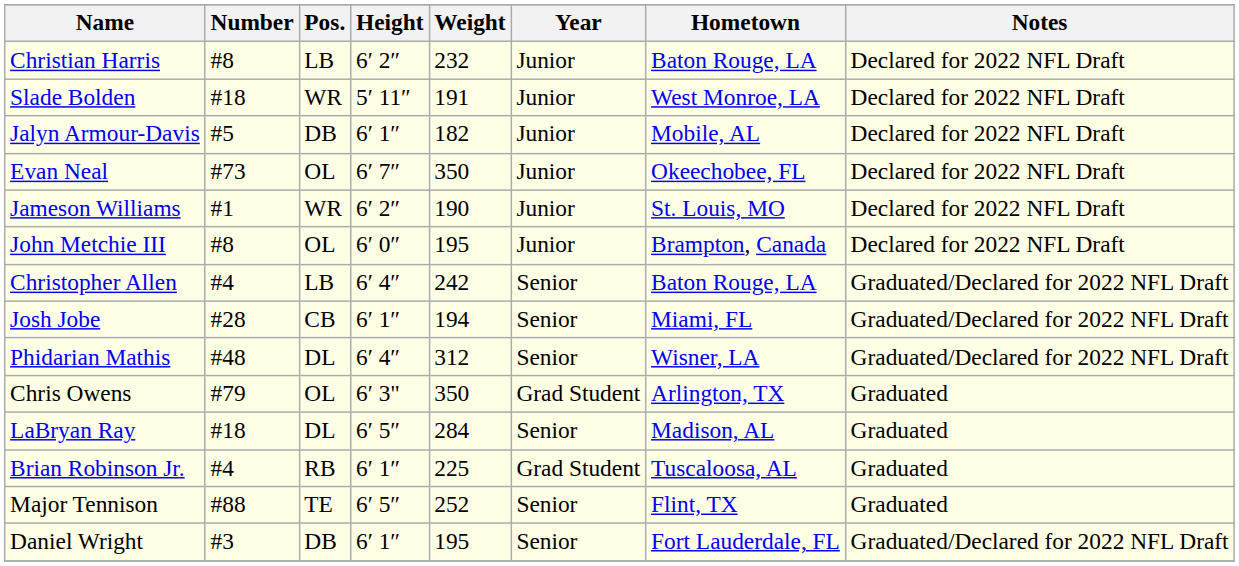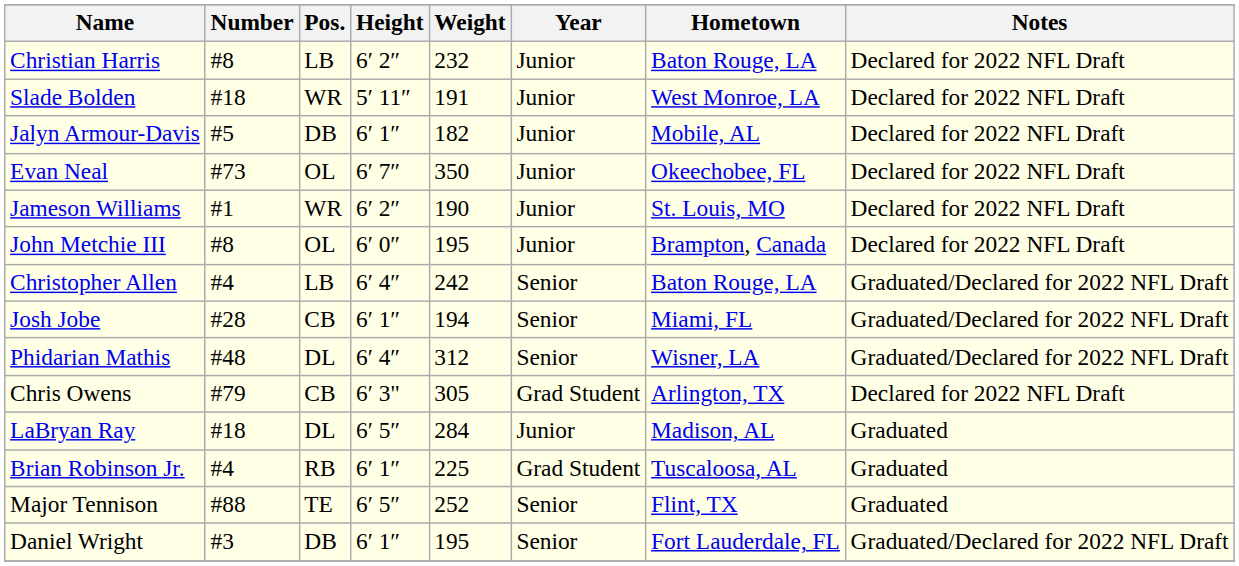 <table class="wikitable sortable collapsible">
 <tr>
 </tr>
 <tr>
 <th>Name</th>
 <th>Number</th>
 <th>Pos.</th>
 <th>Height</th>
 <th>Weight</th>
 <th>Year</th>
 <th>Hometown</th>
 <th class="unsortable">Notes</th>
 </tr>
 <tr style="background:#FFFFE6;">
 <td><a href='#'>Christian Harris</a></td>
 <td>#8</td>
 <td>LB</td>
 <td>6′ 2″</td>
 <td>232</td>
 <td>Junior</td>
 <td><a href='#'>Baton Rouge, LA</a></td>
 <td>Declared for 2022 NFL Draft</td>
 </tr>
 <tr style="background:#FFFFE6;">
 <td><a href='#'>Slade Bolden</a></td>
 <td>#18</td>
 <td>WR</td>
 <td>5′ 11″</td>
 <td>191</td>
 <td> Junior</td>
 <td><a href='#'>West Monroe, LA</a></td>
 <td>Declared for 2022 NFL Draft</td>
 </tr>
 <tr style="background:#FFFFE6;">
 <td><a href='#'>Jalyn Armour-Davis</a></td>
 <td>#5</td>
 <td>DB</td>
 <td>6′ 1″</td>
 <td>182</td>
 <td> Junior</td>
 <td><a href='#'>Mobile, AL</a></td>
 <td>Declared for 2022 NFL Draft</td>
 </tr>
 <tr style="background:#FFFFE6;">
 <td><a href='#'>Evan Neal</a></td>
 <td>#73</td>
 <td>OL</td>
 <td>6′ 7″</td>
 <td>350</td>
 <td>Junior</td>
 <td><a href='#'>Okeechobee, FL</a></td>
 <td>Declared for 2022 NFL Draft</td>
 </tr>
 <tr style="background:#FFFFE6;">
 <td><a href='#'>Jameson Williams</a></td>
 <td>#1</td>
 <td>WR</td>
 <td>6′ 2″</td>
 <td>190</td>
 <td>Junior</td>
 <td><a href='#'>St. Louis, MO</a></td>
 <td>Declared for 2022 NFL Draft</td>
 </tr>
 <tr style="background:#FFFFE6;">
 <td><a href='#'>John Metchie III</a></td>
 <td>#8</td>
 <td>OL</td>
 <td>6′ 0″</td>
 <td>195</td>
 <td>Junior</td>
 <td><a href='#'>Brampton</a>, <a href='#'>Canada</a></td>
 <td>Declared for 2022 NFL Draft</td>
 </tr>
 <tr style="background:#FFFFE6;">
 <td><a href='#'>Christopher Allen</a></td>
 <td>#4</td>
 <td>LB</td>
 <td>6′ 4″</td>
 <td>242</td>
 <td> Senior</td>
 <td><a href='#'>Baton Rouge, LA</a></td>
 <td>Graduated/Declared for 2022 NFL Draft</td>
 </tr>
 <tr style="background:#FFFFE6;">
 <td><a href='#'>Josh Jobe</a></td>
 <td>#28</td>
 <td>CB</td>
 <td>6′ 1″</td>
 <td>194</td>
 <td>Senior</td>
 <td><a href='#'>Miami, FL</a></td>
 <td>Graduated/Declared for 2022 NFL Draft</td>
 </tr>
 <tr style="background:#FFFFE6;">
 <td><a href='#'>Phidarian Mathis</a></td>
 <td>#48</td>
 <td>DL</td>
 <td>6′ 4″</td>
 <td>312</td>
 <td> Senior</td>
 <td><a href='#'>Wisner, LA</a></td>
 <td>Graduated/Declared for 2022 NFL Draft</td>
 </tr>
 <tr style="background:#FFFFE6;">
 <td>Chris Owens</td>
 <td>#79</td>
-<td>OL</td>
+<td>CB</td>
 <td>6′ 3"</td>
-<td>350</td>
+<td>305</td>
 <td>Grad Student</td>
 <td><a href='#'>Arlington, TX</a></td>
-<td>Graduated</td>
+<td>Declared for 2022 NFL Draft</td>
 </tr>
 <tr style="background:#FFFFE6;">
 <td><a href='#'>LaBryan Ray</a></td>
 <td>#18</td>
 <td>DL</td>
 <td>6′ 5″</td>
 <td>284</td>
-<td> Senior</td>
+<td>Junior</td>
 <td><a href='#'>Madison, AL</a></td>
 <td>Graduated</td>
 </tr>
 <tr style="background:#FFFFE6;">
 <td><a href='#'>Brian Robinson Jr.</a></td>
 <td>#4</td>
 <td>RB</td>
 <td>6′ 1″</td>
 <td>225</td>
 <td>Grad Student</td>
 <td><a href='#'>Tuscaloosa, AL</a></td>
 <td>Graduated</td>
 </tr>
 <tr style="background:#FFFFE6;">
 <td>Major Tennison</td>
 <td>#88</td>
 <td>TE</td>
 <td>6′ 5″</td>
 <td>252</td>
 <td> Senior</td>
 <td><a href='#'>Flint, TX</a></td>
 <td>Graduated</td>
 </tr>
 <tr style="background:#FFFFE6;">
 <td>Daniel Wright</td>
 <td>#3</td>
 <td>DB</td>
 <td>6′ 1″</td>
 <td>195</td>
 <td> Senior</td>
 <td><a href='#'>Fort Lauderdale, FL</a></td>
 <td>Graduated/Declared for 2022 NFL Draft</td>
 </tr>
 <tr>
 </tr>
 </table>
